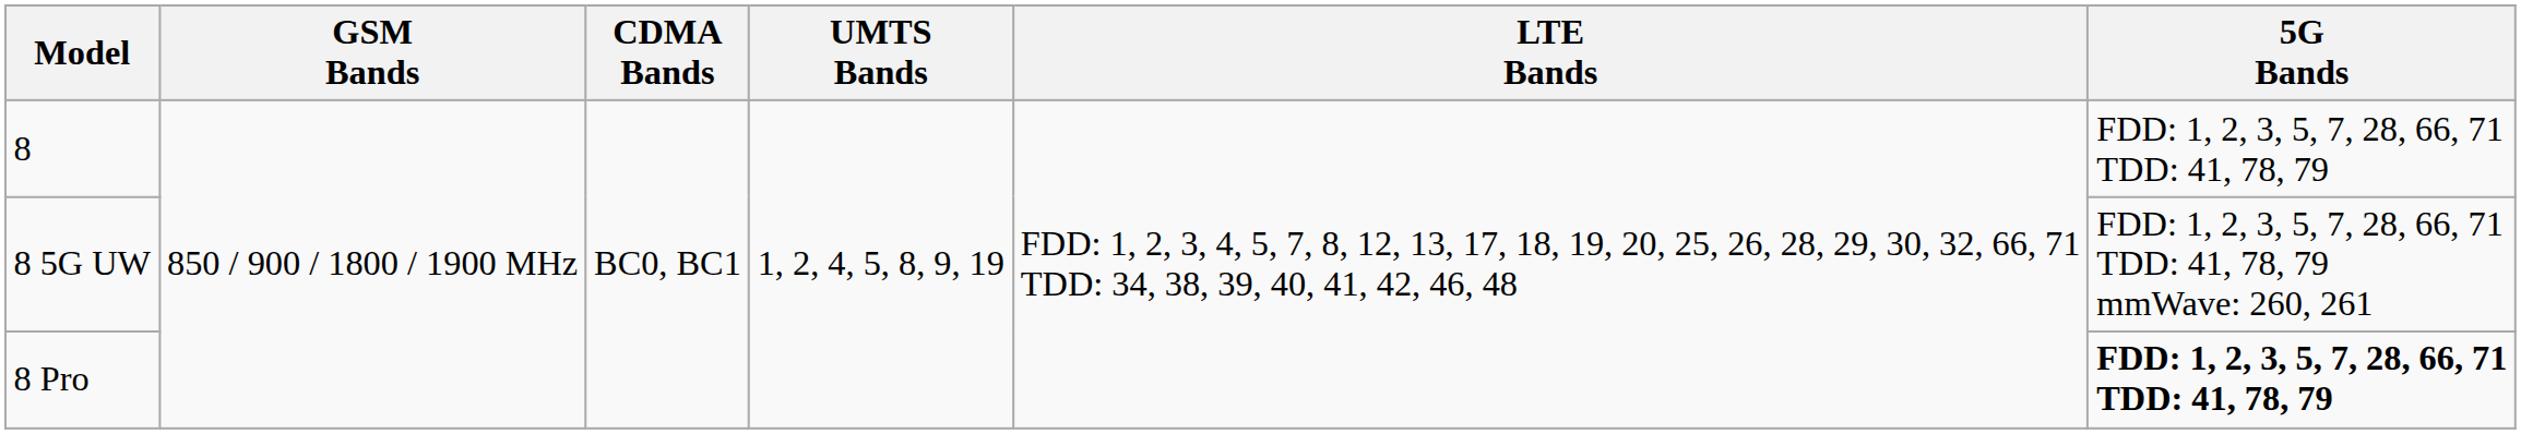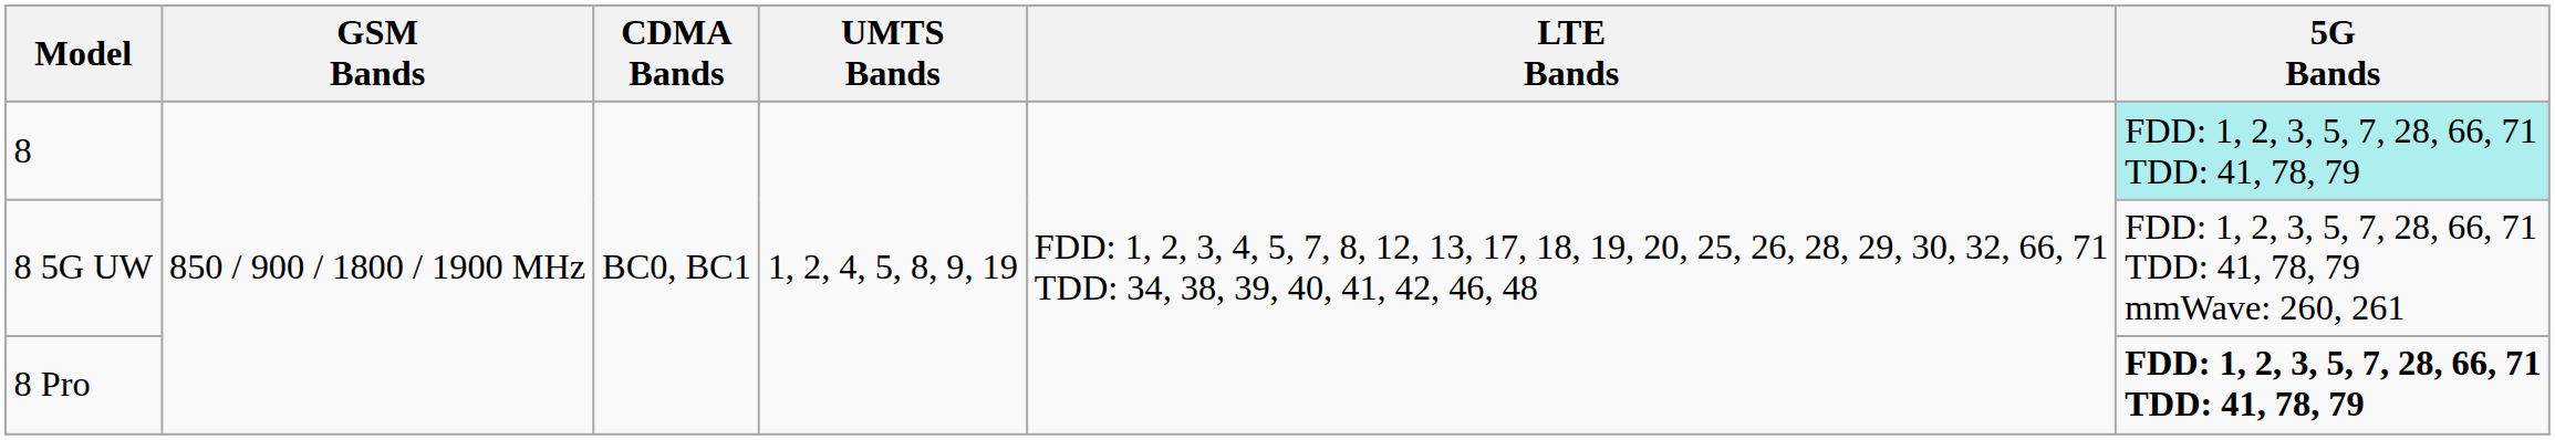 <table class="wikitable">
 <tr>
 <th>Model</th>
 <th>GSM<br>Bands</th>
 <th>CDMA<br>Bands</th>
 <th>UMTS<br>Bands</th>
 <th>LTE<br>Bands</th>
 <th>5G<br>Bands</th>
 </tr>
 <tr>
 <td>8</td>
 <td rowspan="3">850 / 900 / 1800 / 1900 MHz</td>
 <td rowspan="3">BC0, BC1</td>
 <td rowspan="3">1, 2, 4, 5, 8, 9, 19</td>
 <td rowspan="3">FDD: 1, 2, 3, 4, 5, 7, 8, 12, 13, 17, 18, 19, 20, 25, 26, 28, 29, 30, 32, 66, 71<br>TDD: 34, 38, 39, 40, 41, 42, 46, 48</td>
-<td>FDD: 1, 2, 3, 5, 7, 28, 66, 71<br>TDD: 41, 78, 79</td>
+<td style="background: paleturquoise;">FDD: 1, 2, 3, 5, 7, 28, 66, 71<br>TDD: 41, 78, 79</td>
 </tr>
 <tr>
 <td>8 5G UW</td>
 <td>FDD: 1, 2, 3, 5, 7, 28, 66, 71<br>TDD: 41, 78, 79<br>mmWave: 260, 261</td>
 </tr>
 <tr>
 <td>8 Pro</td>
 <td><strong>FDD: 1, 2, 3, 5, 7, 28, 66, 71<br>TDD: 41, 78, 79</strong></td>
 </tr>
 </table>
